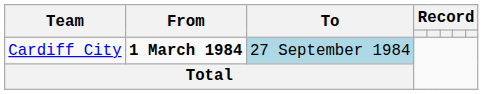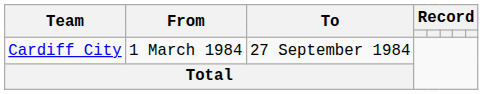 <table class=wikitable style="text-align: center">
 <tr>
 <th rowspan=2>Team</th>
 <th rowspan=2>From</th>
 <th rowspan=2>To</th>
 <th colspan=5>Record</th>
 </tr>
 <tr>
 <th></th>
 <th></th>
 <th></th>
 <th></th>
 <th></th>
 </tr>
 <tr>
 <td align=left><a href='#'>Cardiff City</a></td>
-<td align=left><strong>1 March 1984</strong></td>
-<td align=left style="background: lightblue;">27 September 1984<br></td>
+<td align=left>1 March 1984</td>
+<td align=left>27 September 1984<br></td>
 </tr>
 <tr>
 <th colspan=3>Total<br></th>
 </tr>
 </table>
